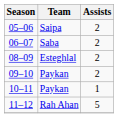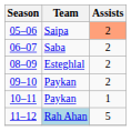 <table class="wikitable" style="text-align: center;">
 <tr>
 <th>Season</th>
 <th>Team</th>
 <th>Assists</th>
 </tr>
 <tr>
 <td><a href='#'>05–06</a></td>
 <td align="left"><a href='#'>Saipa</a></td>
-<td>2</td>
+<td style="background: lightsalmon;">2</td>
 </tr>
 <tr>
 <td><a href='#'>06–07</a></td>
 <td align="left"><a href='#'>Saba</a></td>
 <td>2</td>
 </tr>
 <tr>
 <td><a href='#'>08–09</a></td>
 <td align="left"><a href='#'>Esteghlal</a></td>
 <td>2</td>
 </tr>
 <tr>
 <td><a href='#'>09–10</a></td>
 <td align="left"><a href='#'>Paykan</a></td>
 <td>2</td>
 </tr>
 <tr>
 <td><a href='#'>10–11</a></td>
 <td align="left"><a href='#'>Paykan</a></td>
 <td>1</td>
 </tr>
 <tr>
 <td><a href='#'>11–12</a></td>
-<td align="left"><a href='#'>Rah Ahan</a></td>
+<td align="left" style="background: lightblue;"><a href='#'>Rah Ahan</a></td>
 <td>5</td>
 </tr>
 <tr>
 </tr>
 </table>
